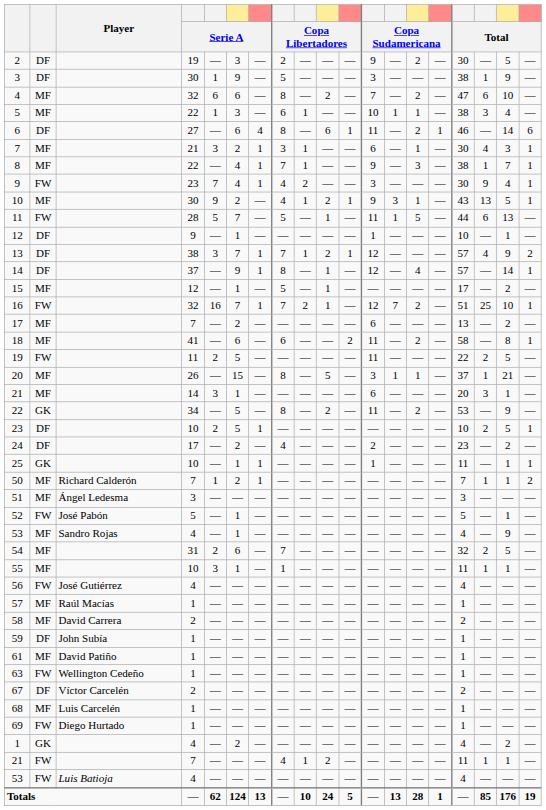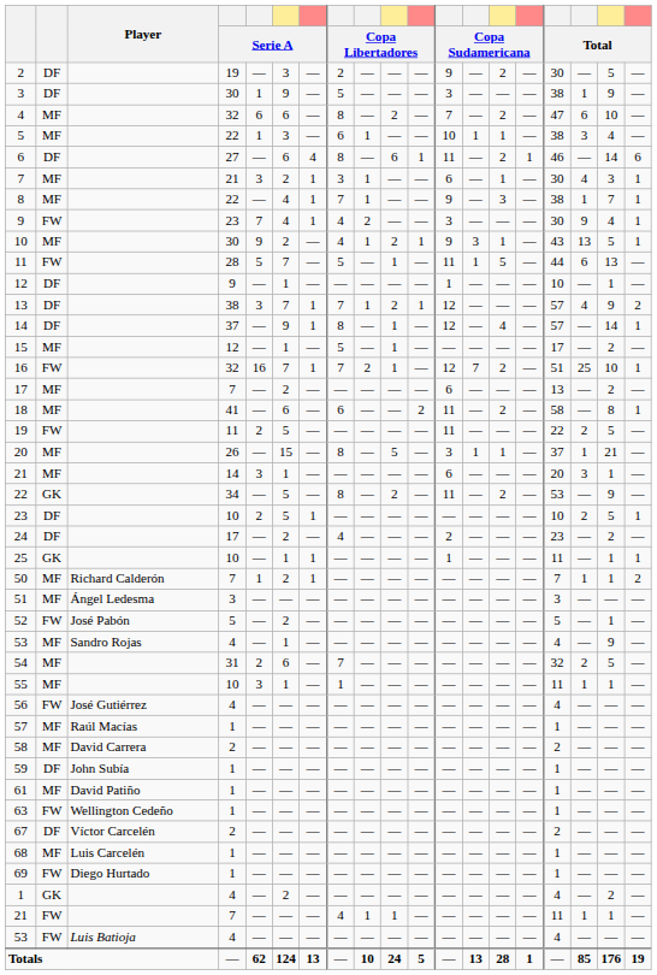 <table class="wikitable sortable" style="text-align: center">
 <tr>
 <th rowspan="2" width=30 align="center"><br></th>
 <th rowspan="2" width=30 align="center"><br></th>
 <th rowspan="2" width=175 align="center">Player<br></th>
 <th width=25 style="background:"><br></th>
 <th width=25 style="background:"><br></th>
 <th width=25 style="background: #FFEE99"><br></th>
 <th width=25 style="border-right:2px solid grey; background:#FF8888"><br></th>
 <th width=25 style="background:"><br></th>
 <th width=25 style="background:"><br></th>
 <th width=25 style="background: #FFEE99"><br></th>
 <th width=25 style="border-right:2px solid grey; background:#FF8888"><br></th>
 <th width=25 style="background:"><br></th>
 <th width=25 style="background:"><br></th>
 <th width=25 style="background: #FFEE99"><br></th>
 <th width=25 style="border-right:2px solid grey; background:#FF8888"><br></th>
 <th width=25 style="background:"><br></th>
 <th width=25 style="background:"><br></th>
 <th width=25 style="background: #FFEE99"><br></th>
 <th width=25 style="background: #FF8888"><br></th>
 </tr>
 <tr class="unsortable">
 <th colspan="4" style="border-right:2px solid grey;" align="center"><a href='#'>Serie A</a></th>
 <th colspan="4" style="border-right:2px solid grey;" align="center"><a href='#'>Copa<br>Libertadores</a></th>
 <th colspan="4" style="border-right:2px solid grey;" align="center"><a href='#'>Copa<br>Sudamericana</a></th>
 <th colspan="4" align="center">Total</th>
 </tr>
 <tr>
 <td>2</td>
 <td>DF</td>
 <td align=left></td>
 <td>19</td>
 <td>—</td>
 <td>3</td>
 <td>—</td>
 <td style="border-left:2px solid grey">2</td>
 <td>—</td>
 <td>—</td>
 <td>—</td>
 <td style="border-left:2px solid grey">9</td>
 <td>—</td>
 <td>2</td>
 <td>—</td>
 <td style="border-left:2px solid grey">30</td>
 <td>—</td>
 <td>5</td>
 <td>—</td>
 </tr>
 <tr>
 <td>3</td>
 <td>DF</td>
 <td align=left></td>
 <td>30</td>
 <td>1</td>
 <td>9</td>
 <td>—</td>
 <td style="border-left:2px solid grey">5</td>
 <td>—</td>
 <td>—</td>
 <td>—</td>
 <td style="border-left:2px solid grey">3</td>
 <td>—</td>
 <td>—</td>
 <td>—</td>
 <td style="border-left:2px solid grey">38</td>
 <td>1</td>
 <td>9</td>
 <td>—</td>
 </tr>
 <tr>
 <td>4</td>
 <td>MF</td>
 <td align=left></td>
 <td>32</td>
 <td>6</td>
 <td>6</td>
 <td>—</td>
 <td style="border-left:2px solid grey">8</td>
 <td>—</td>
 <td>2</td>
 <td>—</td>
 <td style="border-left:2px solid grey">7</td>
 <td>—</td>
 <td>2</td>
 <td>—</td>
 <td style="border-left:2px solid grey">47</td>
 <td>6</td>
 <td>10</td>
 <td>—</td>
 </tr>
 <tr>
 <td>5</td>
 <td>MF</td>
 <td align=left></td>
 <td>22</td>
 <td>1</td>
 <td>3</td>
 <td>—</td>
 <td style="border-left:2px solid grey">6</td>
 <td>1</td>
 <td>—</td>
 <td>—</td>
 <td style="border-left:2px solid grey">10</td>
 <td>1</td>
 <td>1</td>
 <td>—</td>
 <td style="border-left:2px solid grey">38</td>
 <td>3</td>
 <td>4</td>
 <td>—</td>
 </tr>
 <tr>
 <td>6</td>
 <td>DF</td>
 <td align=left></td>
 <td>27</td>
 <td>—</td>
 <td>6</td>
 <td>4</td>
 <td style="border-left:2px solid grey">8</td>
 <td>—</td>
 <td>6</td>
 <td>1</td>
 <td style="border-left:2px solid grey">11</td>
 <td>—</td>
 <td>2</td>
 <td>1</td>
 <td style="border-left:2px solid grey">46</td>
 <td>—</td>
 <td>14</td>
 <td>6</td>
 </tr>
 <tr>
 <td>7</td>
 <td>MF</td>
 <td align=left></td>
 <td>21</td>
 <td>3</td>
 <td>2</td>
 <td>1</td>
 <td style="border-left:2px solid grey">3</td>
 <td>1</td>
 <td>—</td>
 <td>—</td>
 <td style="border-left:2px solid grey">6</td>
 <td>—</td>
 <td>1</td>
 <td>—</td>
 <td style="border-left:2px solid grey">30</td>
 <td>4</td>
 <td>3</td>
 <td>1</td>
 </tr>
 <tr>
 <td>8</td>
 <td>MF</td>
 <td align=left></td>
 <td>22</td>
 <td>—</td>
 <td>4</td>
 <td>1</td>
 <td style="border-left:2px solid grey">7</td>
 <td>1</td>
 <td>—</td>
 <td>—</td>
 <td style="border-left:2px solid grey">9</td>
 <td>—</td>
 <td>3</td>
 <td>—</td>
 <td style="border-left:2px solid grey">38</td>
 <td>1</td>
 <td>7</td>
 <td>1</td>
 </tr>
 <tr>
 <td>9</td>
 <td>FW</td>
 <td align=left></td>
 <td>23</td>
 <td>7</td>
 <td>4</td>
 <td>1</td>
 <td style="border-left:2px solid grey">4</td>
 <td>2</td>
 <td>—</td>
 <td>—</td>
 <td style="border-left:2px solid grey">3</td>
 <td>—</td>
 <td>—</td>
 <td>—</td>
 <td style="border-left:2px solid grey">30</td>
 <td>9</td>
 <td>4</td>
 <td>1</td>
 </tr>
 <tr>
 <td>10</td>
 <td>MF</td>
 <td align=left></td>
 <td>30</td>
 <td>9</td>
 <td>2</td>
 <td>—</td>
 <td style="border-left:2px solid grey">4</td>
 <td>1</td>
 <td>2</td>
 <td>1</td>
 <td style="border-left:2px solid grey">9</td>
 <td>3</td>
 <td>1</td>
 <td>—</td>
 <td style="border-left:2px solid grey">43</td>
 <td>13</td>
 <td>5</td>
 <td>1</td>
 </tr>
 <tr>
 <td>11</td>
 <td>FW</td>
 <td align=left></td>
 <td>28</td>
 <td>5</td>
 <td>7</td>
 <td>—</td>
 <td style="border-left:2px solid grey">5</td>
 <td>—</td>
 <td>1</td>
 <td>—</td>
 <td style="border-left:2px solid grey">11</td>
 <td>1</td>
 <td>5</td>
 <td>—</td>
 <td style="border-left:2px solid grey">44</td>
 <td>6</td>
 <td>13</td>
 <td>—</td>
 </tr>
 <tr>
 <td>12</td>
 <td>DF</td>
 <td align=left></td>
 <td>9</td>
 <td>—</td>
 <td>1</td>
 <td>—</td>
 <td style="border-left:2px solid grey">—</td>
 <td>—</td>
 <td>—</td>
 <td>—</td>
 <td style="border-left:2px solid grey">1</td>
 <td>—</td>
 <td>—</td>
 <td>—</td>
 <td style="border-left:2px solid grey">10</td>
 <td>—</td>
 <td>1</td>
 <td>—</td>
 </tr>
 <tr>
 <td>13</td>
 <td>DF</td>
 <td align=left></td>
 <td>38</td>
 <td>3</td>
 <td>7</td>
 <td>1</td>
 <td style="border-left:2px solid grey">7</td>
 <td>1</td>
 <td>2</td>
 <td>1</td>
 <td style="border-left:2px solid grey">12</td>
 <td>—</td>
 <td>—</td>
 <td>—</td>
 <td style="border-left:2px solid grey">57</td>
 <td>4</td>
 <td>9</td>
 <td>2</td>
 </tr>
 <tr>
 <td>14</td>
 <td>DF</td>
 <td align=left></td>
 <td>37</td>
 <td>—</td>
 <td>9</td>
 <td>1</td>
 <td style="border-left:2px solid grey">8</td>
 <td>—</td>
 <td>1</td>
 <td>—</td>
 <td style="border-left:2px solid grey">12</td>
 <td>—</td>
 <td>4</td>
 <td>—</td>
 <td style="border-left:2px solid grey">57</td>
 <td>—</td>
 <td>14</td>
 <td>1</td>
 </tr>
 <tr>
 <td>15</td>
 <td>MF</td>
 <td align=left></td>
 <td>12</td>
 <td>—</td>
 <td>1</td>
 <td>—</td>
 <td style="border-left:2px solid grey">5</td>
 <td>—</td>
 <td>1</td>
 <td>—</td>
 <td style="border-left:2px solid grey">—</td>
 <td>—</td>
 <td>—</td>
 <td>—</td>
 <td style="border-left:2px solid grey">17</td>
 <td>—</td>
 <td>2</td>
 <td>—</td>
 </tr>
 <tr>
 <td>16</td>
 <td>FW</td>
 <td align=left></td>
 <td>32</td>
 <td>16</td>
 <td>7</td>
 <td>1</td>
 <td style="border-left:2px solid grey">7</td>
 <td>2</td>
 <td>1</td>
 <td>—</td>
 <td style="border-left:2px solid grey">12</td>
 <td>7</td>
 <td>2</td>
 <td>—</td>
 <td style="border-left:2px solid grey">51</td>
 <td>25</td>
 <td>10</td>
 <td>1</td>
 </tr>
 <tr>
 <td>17</td>
 <td>MF</td>
 <td align=left></td>
 <td>7</td>
 <td>—</td>
 <td>2</td>
 <td>—</td>
 <td style="border-left:2px solid grey">—</td>
 <td>—</td>
 <td>—</td>
 <td>—</td>
 <td style="border-left:2px solid grey">6</td>
 <td>—</td>
 <td>—</td>
 <td>—</td>
 <td style="border-left:2px solid grey">13</td>
 <td>—</td>
 <td>2</td>
 <td>—</td>
 </tr>
 <tr>
 <td>18</td>
 <td>MF</td>
 <td align=left></td>
 <td>41</td>
 <td>—</td>
 <td>6</td>
 <td>—</td>
 <td style="border-left:2px solid grey">6</td>
 <td>—</td>
 <td>—</td>
 <td>2</td>
 <td style="border-left:2px solid grey">11</td>
 <td>—</td>
 <td>2</td>
 <td>—</td>
 <td style="border-left:2px solid grey">58</td>
 <td>—</td>
 <td>8</td>
 <td>1</td>
 </tr>
 <tr>
 <td>19</td>
 <td>FW</td>
 <td align=left></td>
 <td>11</td>
 <td>2</td>
 <td>5</td>
 <td>—</td>
 <td style="border-left:2px solid grey">—</td>
 <td>—</td>
 <td>—</td>
 <td>—</td>
 <td style="border-left:2px solid grey">11</td>
 <td>—</td>
 <td>—</td>
 <td>—</td>
 <td style="border-left:2px solid grey">22</td>
 <td>2</td>
 <td>5</td>
 <td>—</td>
 </tr>
 <tr>
 <td>20</td>
 <td>MF</td>
 <td align=left></td>
 <td>26</td>
 <td>—</td>
 <td>15</td>
 <td>—</td>
 <td style="border-left:2px solid grey">8</td>
 <td>—</td>
 <td>5</td>
 <td>—</td>
 <td style="border-left:2px solid grey">3</td>
 <td>1</td>
 <td>1</td>
 <td>—</td>
 <td style="border-left:2px solid grey">37</td>
 <td>1</td>
 <td>21</td>
 <td>—</td>
 </tr>
 <tr>
 <td>21</td>
 <td>MF</td>
 <td align=left></td>
 <td>14</td>
 <td>3</td>
 <td>1</td>
 <td>—</td>
 <td style="border-left:2px solid grey">—</td>
 <td>—</td>
 <td>—</td>
 <td>—</td>
 <td style="border-left:2px solid grey">6</td>
 <td>—</td>
 <td>—</td>
 <td>—</td>
 <td style="border-left:2px solid grey">20</td>
 <td>3</td>
 <td>1</td>
 <td>—</td>
 </tr>
 <tr>
 <td>22</td>
 <td>GK</td>
 <td align=left></td>
 <td>34</td>
 <td>—</td>
 <td>5</td>
 <td>—</td>
 <td style="border-left:2px solid grey">8</td>
 <td>—</td>
 <td>2</td>
 <td>—</td>
 <td style="border-left:2px solid grey">11</td>
 <td>—</td>
 <td>2</td>
 <td>—</td>
 <td style="border-left:2px solid grey">53</td>
 <td>—</td>
 <td>9</td>
 <td>—</td>
 </tr>
 <tr>
 <td>23</td>
 <td>DF</td>
 <td align=left></td>
 <td>10</td>
 <td>2</td>
 <td>5</td>
 <td>1</td>
 <td style="border-left:2px solid grey">—</td>
 <td>—</td>
 <td>—</td>
 <td>—</td>
 <td style="border-left:2px solid grey">—</td>
 <td>—</td>
 <td>—</td>
 <td>—</td>
 <td style="border-left:2px solid grey">10</td>
 <td>2</td>
 <td>5</td>
 <td>1</td>
 </tr>
 <tr>
 <td>24</td>
 <td>DF</td>
 <td align=left></td>
 <td>17</td>
 <td>—</td>
 <td>2</td>
 <td>—</td>
 <td style="border-left:2px solid grey">4</td>
 <td>—</td>
 <td>—</td>
 <td>—</td>
 <td style="border-left:2px solid grey">2</td>
 <td>—</td>
 <td>—</td>
 <td>—</td>
 <td style="border-left:2px solid grey">23</td>
 <td>—</td>
 <td>2</td>
 <td>—</td>
 </tr>
 <tr>
 <td>25</td>
 <td>GK</td>
 <td align=left></td>
 <td>10</td>
 <td>—</td>
 <td>1</td>
 <td>1</td>
 <td style="border-left:2px solid grey">—</td>
 <td>—</td>
 <td>—</td>
 <td>—</td>
 <td style="border-left:2px solid grey">1</td>
 <td>—</td>
 <td>—</td>
 <td>—</td>
 <td style="border-left:2px solid grey">11</td>
 <td>—</td>
 <td>1</td>
 <td>1</td>
 </tr>
 <tr>
 <td>50</td>
 <td>MF</td>
 <td align=left>Richard Calderón</td>
 <td>7</td>
 <td>1</td>
 <td>2</td>
 <td>1</td>
 <td style="border-left:2px solid grey">—</td>
 <td>—</td>
 <td>—</td>
 <td>—</td>
 <td style="border-left:2px solid grey">—</td>
 <td>—</td>
 <td>—</td>
 <td>—</td>
 <td style="border-left:2px solid grey">7</td>
 <td>1</td>
 <td>1</td>
 <td>2</td>
 </tr>
 <tr>
 <td>51</td>
 <td>MF</td>
 <td align=left>Ángel Ledesma</td>
 <td>3</td>
 <td>—</td>
 <td>—</td>
 <td>—</td>
 <td style="border-left:2px solid grey">—</td>
 <td>—</td>
 <td>—</td>
 <td>—</td>
 <td style="border-left:2px solid grey">—</td>
 <td>—</td>
 <td>—</td>
 <td>—</td>
 <td style="border-left:2px solid grey">3</td>
 <td>—</td>
 <td>—</td>
 <td>—</td>
 </tr>
 <tr>
 <td>52</td>
 <td>FW</td>
 <td align=left>José Pabón</td>
 <td>5</td>
 <td>—</td>
-<td>1</td>
+<td>2</td>
 <td>—</td>
 <td style="border-left:2px solid grey">—</td>
 <td>—</td>
 <td>—</td>
 <td>—</td>
 <td style="border-left:2px solid grey">—</td>
 <td>—</td>
 <td>—</td>
 <td>—</td>
 <td style="border-left:2px solid grey">5</td>
 <td>—</td>
 <td>1</td>
 <td>—</td>
 </tr>
 <tr>
 <td>53</td>
 <td>MF</td>
 <td align=left>Sandro Rojas</td>
 <td>4</td>
 <td>—</td>
 <td>1</td>
 <td>—</td>
 <td style="border-left:2px solid grey">—</td>
 <td>—</td>
 <td>—</td>
 <td>—</td>
 <td style="border-left:2px solid grey">—</td>
 <td>—</td>
 <td>—</td>
 <td>—</td>
 <td style="border-left:2px solid grey">4</td>
 <td>—</td>
 <td>9</td>
 <td>—</td>
 </tr>
 <tr>
 <td>54</td>
 <td>MF</td>
 <td align=left></td>
 <td>31</td>
 <td>2</td>
 <td>6</td>
 <td>—</td>
 <td style="border-left:2px solid grey">7</td>
 <td>—</td>
 <td>—</td>
 <td>—</td>
 <td style="border-left:2px solid grey">—</td>
 <td>—</td>
 <td>—</td>
 <td>—</td>
 <td style="border-left:2px solid grey">32</td>
 <td>2</td>
 <td>5</td>
 <td>—</td>
 </tr>
 <tr>
 <td>55</td>
 <td>MF</td>
 <td align=left></td>
 <td>10</td>
 <td>3</td>
 <td>1</td>
 <td>—</td>
 <td style="border-left:2px solid grey">1</td>
 <td>—</td>
 <td>—</td>
 <td>—</td>
 <td style="border-left:2px solid grey">—</td>
 <td>—</td>
 <td>—</td>
 <td>—</td>
 <td style="border-left:2px solid grey">11</td>
 <td>1</td>
 <td>1</td>
 <td>—</td>
 </tr>
 <tr>
 <td>56</td>
 <td>FW</td>
 <td align=left>José Gutiérrez</td>
 <td>4</td>
 <td>—</td>
 <td>—</td>
 <td>—</td>
 <td style="border-left:2px solid grey">—</td>
 <td>—</td>
 <td>—</td>
 <td>—</td>
 <td style="border-left:2px solid grey">—</td>
 <td>—</td>
 <td>—</td>
 <td>—</td>
 <td style="border-left:2px solid grey">4</td>
 <td>—</td>
 <td>—</td>
 <td>—</td>
 </tr>
 <tr>
 <td>57</td>
 <td>MF</td>
 <td align=left>Raúl Macías</td>
 <td>1</td>
 <td>—</td>
 <td>—</td>
 <td>—</td>
 <td style="border-left:2px solid grey">—</td>
 <td>—</td>
 <td>—</td>
 <td>—</td>
 <td style="border-left:2px solid grey">—</td>
 <td>—</td>
 <td>—</td>
 <td>—</td>
 <td style="border-left:2px solid grey">1</td>
 <td>—</td>
 <td>—</td>
 <td>—</td>
 </tr>
 <tr>
 <td>58</td>
 <td>MF</td>
 <td align=left>David Carrera</td>
 <td>2</td>
 <td>—</td>
 <td>—</td>
 <td>—</td>
 <td style="border-left:2px solid grey">—</td>
 <td>—</td>
 <td>—</td>
 <td>—</td>
 <td style="border-left:2px solid grey">—</td>
 <td>—</td>
 <td>—</td>
 <td>—</td>
 <td style="border-left:2px solid grey">2</td>
 <td>—</td>
 <td>—</td>
 <td>—</td>
 </tr>
 <tr>
 <td>59</td>
 <td>DF</td>
 <td align=left>John Subía</td>
 <td>1</td>
 <td>—</td>
 <td>—</td>
 <td>—</td>
 <td style="border-left:2px solid grey">—</td>
 <td>—</td>
 <td>—</td>
 <td>—</td>
 <td style="border-left:2px solid grey">—</td>
 <td>—</td>
 <td>—</td>
 <td>—</td>
 <td style="border-left:2px solid grey">1</td>
 <td>—</td>
 <td>—</td>
 <td>—</td>
 </tr>
 <tr>
 <td>61</td>
 <td>MF</td>
 <td align=left>David Patiño</td>
 <td>1</td>
 <td>—</td>
 <td>—</td>
 <td>—</td>
 <td style="border-left:2px solid grey">—</td>
 <td>—</td>
 <td>—</td>
 <td>—</td>
 <td style="border-left:2px solid grey">—</td>
 <td>—</td>
 <td>—</td>
 <td>—</td>
 <td style="border-left:2px solid grey">1</td>
 <td>—</td>
 <td>—</td>
 <td>—</td>
 </tr>
 <tr>
 <td>63</td>
 <td>FW</td>
 <td align=left>Wellington Cedeño</td>
 <td>1</td>
 <td>—</td>
 <td>—</td>
 <td>—</td>
 <td style="border-left:2px solid grey">—</td>
 <td>—</td>
 <td>—</td>
 <td>—</td>
 <td style="border-left:2px solid grey">—</td>
 <td>—</td>
 <td>—</td>
 <td>—</td>
 <td style="border-left:2px solid grey">1</td>
 <td>—</td>
 <td>—</td>
 <td>—</td>
 </tr>
 <tr>
 <td>67</td>
 <td>DF</td>
 <td align=left>Víctor Carcelén</td>
 <td>2</td>
 <td>—</td>
 <td>—</td>
 <td>—</td>
 <td style="border-left:2px solid grey">—</td>
 <td>—</td>
 <td>—</td>
 <td>—</td>
 <td style="border-left:2px solid grey">—</td>
 <td>—</td>
 <td>—</td>
 <td>—</td>
 <td style="border-left:2px solid grey">2</td>
 <td>—</td>
 <td>—</td>
 <td>—</td>
 </tr>
 <tr>
 <td>68</td>
 <td>MF</td>
 <td align=left>Luis Carcelén</td>
 <td>1</td>
 <td>—</td>
 <td>—</td>
 <td>—</td>
 <td style="border-left:2px solid grey">—</td>
 <td>—</td>
 <td>—</td>
 <td>—</td>
 <td style="border-left:2px solid grey">—</td>
 <td>—</td>
 <td>—</td>
 <td>—</td>
 <td style="border-left:2px solid grey">1</td>
 <td>—</td>
 <td>—</td>
 <td>—</td>
 </tr>
 <tr>
 <td>69</td>
 <td>FW</td>
 <td align=left>Diego Hurtado</td>
 <td>1</td>
 <td>—</td>
 <td>—</td>
 <td>—</td>
 <td style="border-left:2px solid grey">—</td>
 <td>—</td>
 <td>—</td>
 <td>—</td>
 <td style="border-left:2px solid grey">—</td>
 <td>—</td>
 <td>—</td>
 <td>—</td>
 <td style="border-left:2px solid grey">1</td>
 <td>—</td>
 <td>—</td>
 <td>—</td>
 </tr>
 <tr>
 <td>1</td>
 <td>GK</td>
 <td align=left><em></em></td>
 <td>4</td>
 <td>—</td>
 <td>2</td>
 <td>—</td>
 <td style="border-left:2px solid grey">—</td>
 <td>—</td>
 <td>—</td>
 <td>—</td>
 <td style="border-left:2px solid grey">—</td>
 <td>—</td>
 <td>—</td>
 <td>—</td>
 <td style="border-left:2px solid grey">4</td>
 <td>—</td>
 <td>2</td>
 <td>—</td>
 </tr>
 <tr>
 <td>21</td>
 <td>FW</td>
 <td align=left><em></em></td>
 <td>7</td>
 <td>—</td>
 <td>—</td>
 <td>—</td>
 <td style="border-left:2px solid grey">4</td>
 <td>1</td>
-<td>2</td>
+<td>1</td>
 <td>—</td>
 <td style="border-left:2px solid grey">—</td>
 <td>—</td>
 <td>—</td>
 <td>—</td>
 <td style="border-left:2px solid grey">11</td>
 <td>1</td>
 <td>1</td>
 <td>—</td>
 </tr>
 <tr>
 <td>53</td>
 <td>FW</td>
 <td align=left><em>Luis Batioja</em></td>
 <td>4</td>
 <td>—</td>
 <td>—</td>
 <td>—</td>
 <td style="border-left:2px solid grey">—</td>
 <td>—</td>
 <td>—</td>
 <td>—</td>
 <td style="border-left:2px solid grey">—</td>
 <td>—</td>
 <td>—</td>
 <td>—</td>
 <td style="border-left:2px solid grey">4</td>
 <td>—</td>
 <td>—</td>
 <td>—</td>
 </tr>
 <tr class="unsortable" style="border-top:2px solid grey">
 <td colspan=3 align=left><strong>Totals</strong></td>
 <td>—</td>
 <td><strong>62</strong></td>
 <td><strong>124</strong></td>
 <td><strong>13</strong></td>
 <td style="border-left:2px solid grey">—</td>
 <td><strong>10</strong></td>
 <td><strong>24</strong></td>
 <td><strong>5</strong></td>
 <td style="border-left:2px solid grey">—</td>
 <td><strong>13</strong></td>
 <td><strong>28</strong></td>
 <td><strong>1</strong></td>
 <td style="border-left:2px solid grey">—</td>
 <td><strong>85</strong></td>
 <td><strong>176</strong></td>
 <td><strong>19</strong></td>
 </tr>
 </table>
